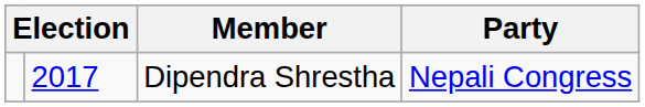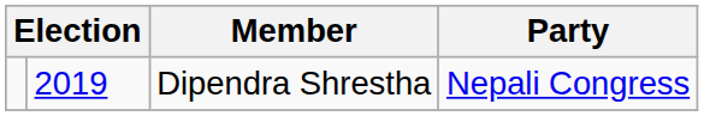 <table class="wikitable">
 <tr>
 <th colspan="2">Election</th>
 <th>Member</th>
 <th>Party</th>
 </tr>
 <tr>
 <td style="background-color:"></td>
-<td><a href='#'>2017</a></td>
+<td><a href='#'>2019</a></td>
 <td>Dipendra Shrestha</td>
 <td><a href='#'>Nepali Congress</a></td>
 </tr>
 </table>
